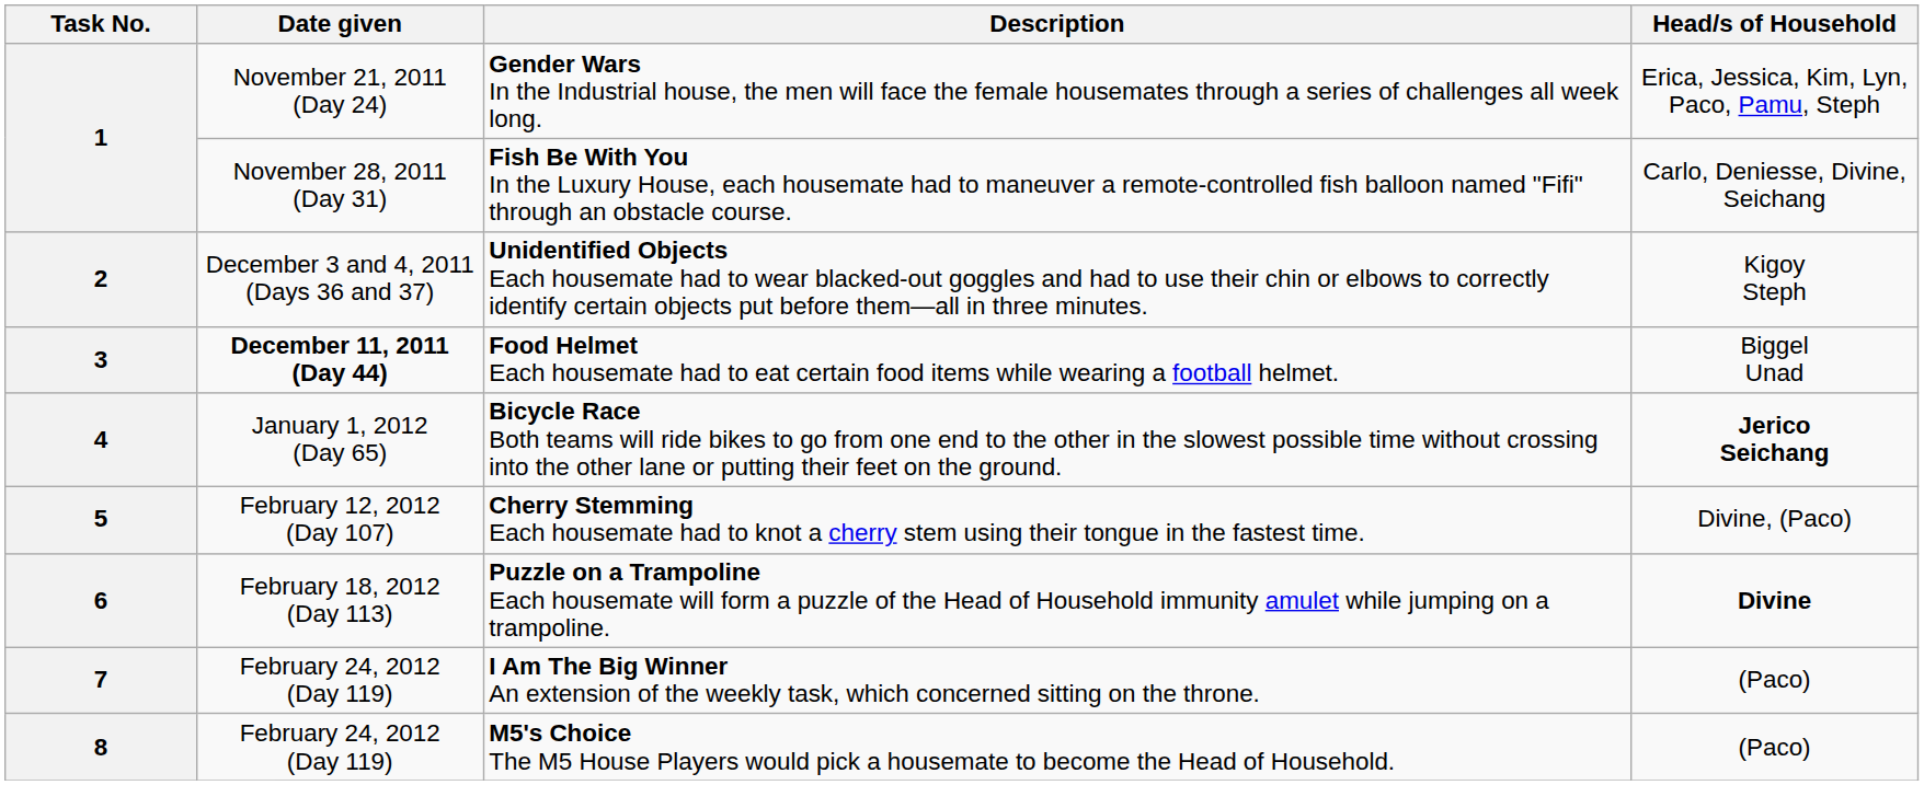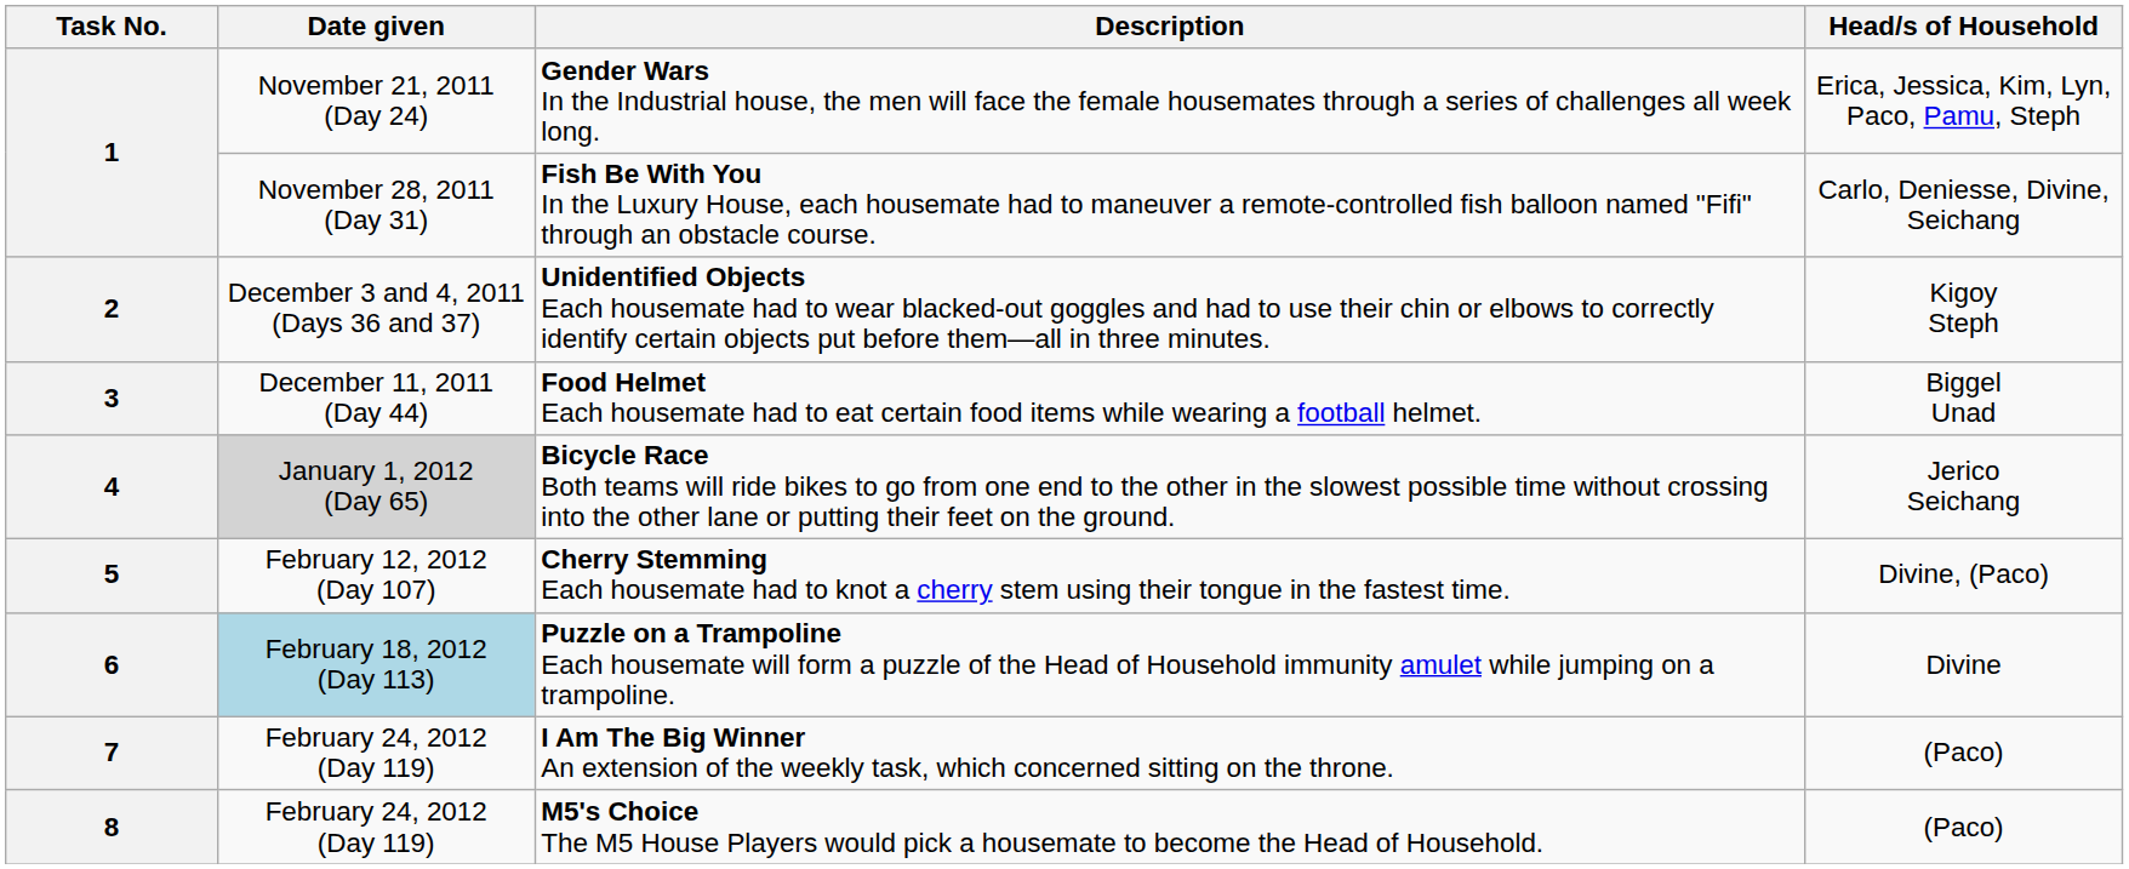 <table class="wikitable">
 <tr>
 <th style="width: 10%;">Task No.</th>
 <th style="width: 15%;">Date given</th>
 <th style="width: 60%;">Description</th>
 <th style="width: 15%;">Head/s of Household</th>
 </tr>
 <tr>
 <th rowspan=2>1</th>
 <td align="center">November 21, 2011 <br> (Day 24)</td>
 <td><strong>Gender Wars</strong><br>In the Industrial house, the men will face the female housemates through a series of challenges all week long.</td>
 <td align="center"><span>Erica, Jessica, Kim, Lyn, Paco, <a href='#'>Pamu</a>, Steph</span></td>
 </tr>
 <tr>
 <td align="center">November 28, 2011 <br> (Day 31)</td>
 <td><strong>Fish Be With You</strong><br>In the Luxury House, each housemate had to maneuver a remote-controlled fish balloon named "Fifi" through an obstacle course.</td>
 <td align="center"><span>Carlo, Deniesse, Divine, Seichang</span></td>
 </tr>
 <tr>
 <th>2</th>
 <td align="center">December 3 and 4, 2011 <br> (Days 36 and 37)</td>
 <td><strong>Unidentified Objects</strong><br>Each housemate had to wear blacked-out goggles and had to use their chin or elbows to correctly identify certain objects put before them—all in three minutes.</td>
 <td align="center"><span>Kigoy</span> <br> <span>Steph</span></td>
 </tr>
 <tr>
 <th>3</th>
-<td align="center"><strong>December 11, 2011 <br> (Day 44)</strong></td>
+<td align="center">December 11, 2011 <br> (Day 44)</td>
 <td><strong>Food Helmet</strong><br>Each housemate had to eat certain food items while wearing a <a href='#'>football</a> helmet.</td>
 <td align="center"><span>Biggel</span> <br> <span>Unad</span></td>
 </tr>
 <tr>
 <th>4</th>
-<td align="center">January 1, 2012 <br> (Day 65)</td>
+<td align="center" style="background: lightgrey;">January 1, 2012 <br> (Day 65)</td>
 <td><strong>Bicycle Race</strong><br>Both teams will ride bikes to go from one end to the other in the slowest possible time without crossing into the other lane or putting their feet on the ground.</td>
-<td align="center"><strong><span>Jerico</span> <br> <span>Seichang</span></strong></td>
+<td align="center"><span>Jerico</span> <br> <span>Seichang</span></td>
 </tr>
 <tr>
 <th>5</th>
 <td align="center">February 12, 2012 <br> (Day 107)</td>
 <td><strong>Cherry Stemming</strong><br>Each housemate had to knot a <a href='#'>cherry</a> stem using their tongue in the fastest time.</td>
 <td align="center">Divine, (Paco)</td>
 </tr>
 <tr>
 <th>6</th>
-<td align="center">February 18, 2012 <br> (Day 113)</td>
+<td align="center" style="background: lightblue;">February 18, 2012 <br> (Day 113)</td>
 <td><strong>Puzzle on a Trampoline</strong><br>Each housemate will form a puzzle of the Head of Household immunity <a href='#'>amulet</a> while jumping on a trampoline.</td>
-<td align="center"><strong>Divine</strong></td>
+<td align="center">Divine</td>
 </tr>
 <tr>
 <th>7</th>
 <td align="center">February 24, 2012 <br> (Day 119)</td>
 <td><strong>I Am The Big Winner</strong><br>An extension of the weekly task, which concerned sitting on the throne.</td>
 <td align="center">(Paco)</td>
 </tr>
 <tr>
 <th>8</th>
 <td align="center">February 24, 2012 <br> (Day 119)</td>
 <td><strong>M5's Choice</strong><br>The M5 House Players would pick a housemate to become the Head of Household.</td>
 <td align="center">(Paco)</td>
 </tr>
 </table>
